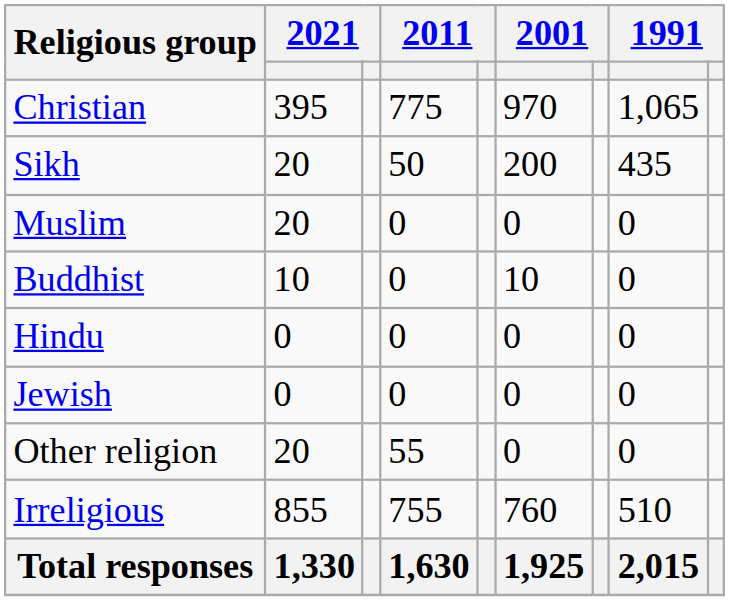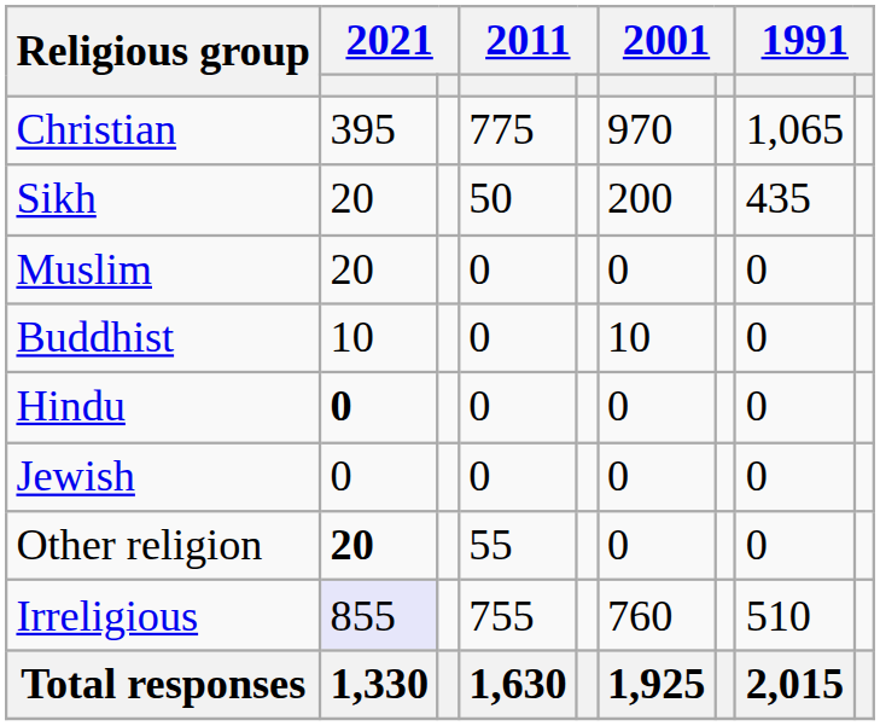 <table class="wikitable collapsible sortable">
 <tr>
 <th rowspan="2">Religious group</th>
 <th colspan="2"><a href='#'>2021</a></th>
 <th colspan="2"><a href='#'>2011</a></th>
 <th colspan="2"><a href='#'>2001</a></th>
 <th colspan="2"><a href='#'>1991</a></th>
 </tr>
 <tr>
 <th><a href='#'></a></th>
 <th></th>
 <th></th>
 <th></th>
 <th></th>
 <th></th>
 <th></th>
 <th></th>
 </tr>
 <tr>
 <td><a href='#'>Christian</a></td>
 <td>395</td>
 <td></td>
 <td>775</td>
 <td></td>
 <td>970</td>
 <td></td>
 <td>1,065</td>
 <td></td>
 </tr>
 <tr>
 <td><a href='#'>Sikh</a></td>
 <td>20</td>
 <td></td>
 <td>50</td>
 <td></td>
 <td>200</td>
 <td></td>
 <td>435</td>
 <td></td>
 </tr>
 <tr>
 <td><a href='#'>Muslim</a></td>
 <td>20</td>
 <td></td>
 <td>0</td>
 <td></td>
 <td>0</td>
 <td></td>
 <td>0</td>
 <td></td>
 </tr>
 <tr>
 <td><a href='#'>Buddhist</a></td>
 <td>10</td>
 <td></td>
 <td>0</td>
 <td></td>
 <td>10</td>
 <td></td>
 <td>0</td>
 <td></td>
 </tr>
 <tr>
 <td><a href='#'>Hindu</a></td>
-<td>0</td>
+<td><strong>0</strong></td>
 <td></td>
 <td>0</td>
 <td></td>
 <td>0</td>
 <td></td>
 <td>0</td>
 <td></td>
 </tr>
 <tr>
 <td><a href='#'>Jewish</a></td>
 <td>0</td>
 <td></td>
 <td>0</td>
 <td></td>
 <td>0</td>
 <td></td>
 <td>0</td>
 <td></td>
 </tr>
 <tr>
 <td>Other religion</td>
-<td>20</td>
+<td><strong>20</strong></td>
 <td></td>
 <td>55</td>
 <td></td>
 <td>0</td>
 <td></td>
 <td>0</td>
 <td></td>
 </tr>
 <tr>
 <td><a href='#'>Irreligious</a></td>
-<td>855</td>
+<td style="background: lavender;">855</td>
 <td></td>
 <td>755</td>
 <td></td>
 <td>760</td>
 <td></td>
 <td>510</td>
 <td></td>
 </tr>
 <tr class="sortbottom">
 <th>Total responses</th>
 <th>1,330</th>
 <th></th>
 <th>1,630</th>
 <th></th>
 <th>1,925</th>
 <th></th>
 <th>2,015</th>
 <th></th>
 </tr>
 <tr>
 </tr>
 </table>
